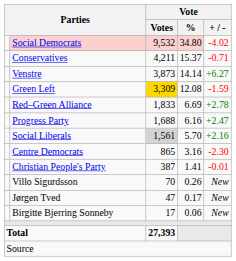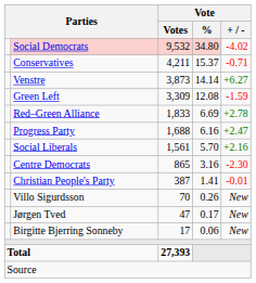 <table class="wikitable" style="text-align:right;">
 <tr>
 <th style="text-align:centre;" rowspan="2" colspan="2" width="225">Parties</th>
 <th colspan="3">Vote</th>
 </tr>
 <tr>
 <th width="15">Votes</th>
 <th width="15">%</th>
 <th width="15">+ / -</th>
 </tr>
 <tr>
 <td width="2" style="color:inherit;background:"></td>
 <td bgcolor=#fbd0ce  align="left"><a href='#'>Social Democrats</a></td>
 <td bgcolor=#fbd0ce>9,532</td>
 <td bgcolor=#fbd0ce>34.80</td>
 <td style=color:red;>-4.02</td>
 </tr>
 <tr>
 <td width="2" style="color:inherit;background:"></td>
 <td align="left"><a href='#'>Conservatives</a></td>
 <td>4,211</td>
 <td>15.37</td>
 <td style=color:red;>-0.71</td>
 </tr>
 <tr>
 <td width="2" style="color:inherit;background:"></td>
 <td align="left"><a href='#'>Venstre</a></td>
 <td>3,873</td>
 <td>14.14</td>
 <td style=color:green;>+6.27</td>
 </tr>
 <tr>
 <td width="2" style="color:inherit;background:"></td>
 <td align="left"><a href='#'>Green Left</a></td>
-<td style="background: gold;">3,309</td>
+<td>3,309</td>
 <td>12.08</td>
 <td style=color:red;>-1.59</td>
 </tr>
 <tr>
 <td width="2" style="color:inherit;background:"></td>
 <td align="left"><a href='#'>Red–Green Alliance</a></td>
 <td>1,833</td>
 <td>6.69</td>
 <td style=color:green;>+2.78</td>
 </tr>
 <tr>
 <td width="2" style="color:inherit;background:"></td>
 <td align="left"><a href='#'>Progress Party</a></td>
 <td>1,688</td>
 <td>6.16</td>
 <td style=color:green;>+2.47</td>
 </tr>
 <tr>
 <td width="2" style="color:inherit;background:"></td>
 <td align="left"><a href='#'>Social Liberals</a></td>
-<td style="background: lightgrey;">1,561</td>
+<td>1,561</td>
 <td>5.70</td>
 <td style=color:green;>+2.16</td>
 </tr>
 <tr>
 <td width="2" style="color:inherit;background:"></td>
 <td align="left"><a href='#'>Centre Democrats</a></td>
 <td>865</td>
 <td>3.16</td>
 <td style=color:red;>-2.30</td>
 </tr>
 <tr>
 <td width="2" style="color:inherit;background:"></td>
 <td align="left"><a href='#'>Christian People's Party</a></td>
 <td>387</td>
 <td>1.41</td>
 <td style=color:red;>-0.01</td>
 </tr>
 <tr>
 <td width="2" style="color:inherit;background:"></td>
 <td align="left">Villo Sigurdsson</td>
 <td>70</td>
 <td>0.26</td>
 <td><em>New</em></td>
 </tr>
 <tr>
 <td width="2" style="color:inherit;background:"></td>
 <td align="left">Jørgen Tved</td>
 <td>47</td>
 <td>0.17</td>
 <td><em>New</em></td>
 </tr>
 <tr>
 <td width="2" style="color:inherit;background:"></td>
 <td align="left">Birgitte Bjerring Sonneby</td>
 <td>17</td>
 <td>0.06</td>
 <td><em>New</em></td>
 </tr>
 <tr>
 <td colspan="7" bgcolor="#E9E9E9"></td>
 </tr>
 <tr>
 <td align="left" colspan="2"><strong>Total</strong></td>
 <td><strong>27,393</strong></td>
 <td bgcolor="#E9E9E9" colspan="2"></td>
 </tr>
 <tr>
 <td align="left" colspan="6">Source</td>
 </tr>
 </table>
